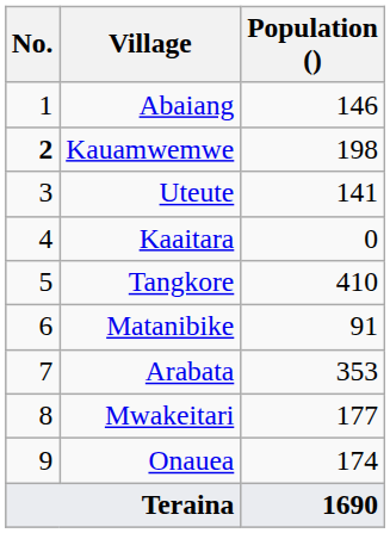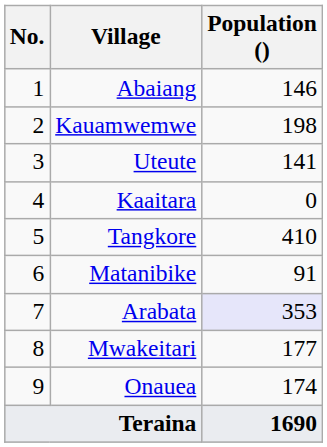 <table class="wikitable sortable" style="margin: 0.5em 0 0.5em 1em; float:right; clear:right; text-align: right;">
 <tr>
 <th>No.</th>
 <th>Village</th>
 <th>Population<br>()</th>
 </tr>
 <tr>
 <td>1</td>
 <td><a href='#'>Abaiang</a></td>
 <td>146</td>
 </tr>
 <tr>
-<td><strong>2</strong></td>
+<td>2</td>
 <td><a href='#'>Kauamwemwe</a></td>
 <td>198</td>
 </tr>
 <tr>
 <td>3</td>
 <td><a href='#'>Uteute</a></td>
 <td>141</td>
 </tr>
 <tr>
 <td>4</td>
 <td><a href='#'>Kaaitara</a></td>
 <td>0</td>
 </tr>
 <tr>
 <td>5</td>
 <td><a href='#'>Tangkore</a></td>
 <td>410</td>
 </tr>
 <tr>
 <td>6</td>
 <td><a href='#'>Matanibike</a></td>
 <td>91</td>
 </tr>
 <tr>
 <td>7</td>
 <td><a href='#'>Arabata</a></td>
-<td>353</td>
+<td style="background: lavender;">353</td>
 </tr>
 <tr>
 <td>8</td>
 <td><a href='#'>Mwakeitari</a></td>
 <td>177</td>
 </tr>
 <tr>
 <td>9</td>
 <td><a href='#'>Onauea</a></td>
 <td>174</td>
 </tr>
 <tr class="sortbottom" style="background: #eaecf0;">
 <td colspan="2"><strong>Teraina</strong></td>
 <td><strong>1690</strong></td>
 </tr>
 </table>
